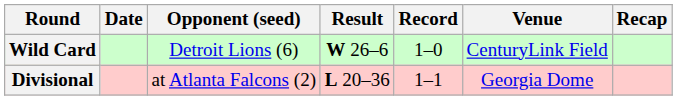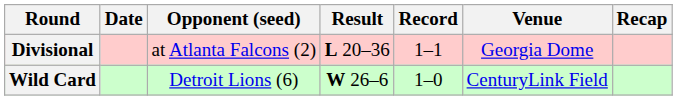 <table class="wikitable" style="text-align:center">
 <tr>
 <th>Round</th>
 <th>Date</th>
 <th>Opponent (seed)</th>
 <th>Result</th>
 <th>Record</th>
 <th>Venue</th>
 <th>Recap</th>
 </tr>
+<tr style="background:#fcc">
+<th>Divisional</th>
+<td></td>
+<td>at <a href='#'>Atlanta Falcons</a> (2)</td>
+<td><strong>L</strong> 20–36</td>
+<td>1–1</td>
+<td><a href='#'>Georgia Dome</a></td>
+<td></td>
+</tr>
 <tr style="background:#cfc">
 <th>Wild Card</th>
 <td></td>
 <td><a href='#'>Detroit Lions</a> (6)</td>
 <td><strong>W</strong> 26–6</td>
 <td>1–0</td>
 <td><a href='#'>CenturyLink Field</a></td>
 <td></td>
 </tr>
-<tr style="background:#fcc">
-<th>Divisional</th>
-<td></td>
-<td>at <a href='#'>Atlanta Falcons</a> (2)</td>
-<td><strong>L</strong> 20–36</td>
-<td>1–1</td>
-<td><a href='#'>Georgia Dome</a></td>
-<td></td>
-</tr>
 </table>
